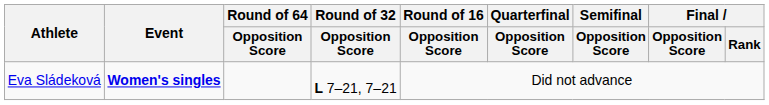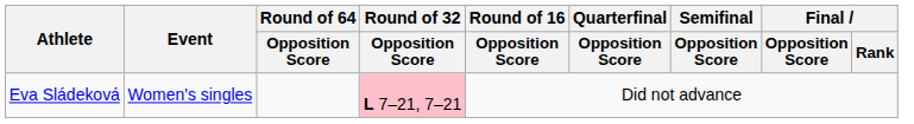 <table class=wikitable style="font-size:90%">
 <tr>
 <th rowspan="2">Athlete</th>
 <th rowspan="2">Event</th>
 <th>Round of 64</th>
 <th>Round of 32</th>
 <th>Round of 16</th>
 <th>Quarterfinal</th>
 <th>Semifinal</th>
 <th colspan=2>Final / </th>
 </tr>
 <tr style="font-size:95%">
 <th>Opposition<br>Score</th>
 <th>Opposition<br>Score</th>
 <th>Opposition<br>Score</th>
 <th>Opposition<br>Score</th>
 <th>Opposition<br>Score</th>
 <th>Opposition<br>Score</th>
 <th>Rank</th>
 </tr>
 <tr align=center>
 <td align=left><a href='#'>Eva Sládeková</a></td>
-<td align=left><strong><a href='#'>Women's singles</a></strong></td>
+<td align=left><a href='#'>Women's singles</a></td>
 <td></td>
-<td><br><strong>L</strong> 7–21, 7–21</td>
+<td style="background: pink;"><br><strong>L</strong> 7–21, 7–21</td>
 <td colspan=6>Did not advance</td>
 </tr>
 </table>
